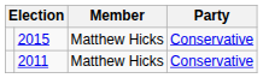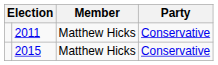 <table class="wikitable">
 <tr>
 <th colspan="2">Election</th>
 <th>Member</th>
 <th>Party</th>
 </tr>
 <tr>
 <td style="background-color: "></td>
-<td><a href='#'>2015</a></td>
+<td><a href='#'>2011</a></td>
 <td>Matthew Hicks</td>
 <td><a href='#'>Conservative</a></td>
 </tr>
 <tr>
 <td style="background-color: "></td>
-<td><a href='#'>2011</a></td>
+<td><a href='#'>2015</a></td>
 <td>Matthew Hicks</td>
 <td><a href='#'>Conservative</a></td>
 </tr>
 </table>
